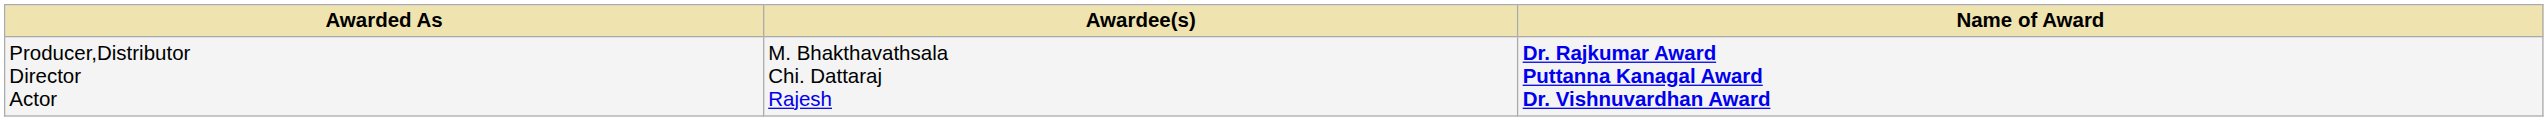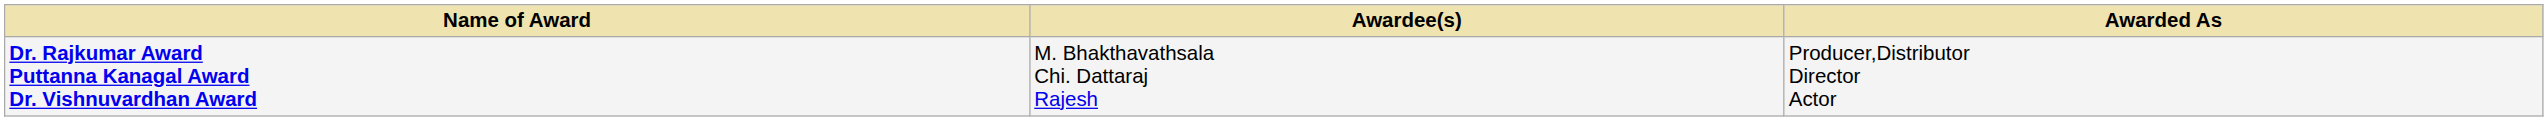 <table class="wikitable" style="width:100%;">
 <tr>
+<th style="background-color:#EFE4B0;">Name of Award</th>
+<th style="background-color:#EFE4B0;">Awardee(s)</th>
 <th style="background-color:#EFE4B0;">Awarded As</th>
-<th style="background-color:#EFE4B0;">Awardee(s)</th>
-<th style="background-color:#EFE4B0;">Name of Award</th>
 </tr>
 <tr style="background-color:#F4F4F4">
+<td><strong><a href='#'>Dr. Rajkumar Award</a></strong><br><strong><a href='#'>Puttanna Kanagal Award</a></strong><br><strong><a href='#'>Dr. Vishnuvardhan Award</a></strong></td>
+<td>M. Bhakthavathsala<br>Chi. Dattaraj<br><a href='#'>Rajesh</a></td>
 <td>Producer,Distributor<br>Director<br>Actor</td>
-<td>M. Bhakthavathsala<br>Chi. Dattaraj<br><a href='#'>Rajesh</a></td>
-<td><strong><a href='#'>Dr. Rajkumar Award</a></strong><br><strong><a href='#'>Puttanna Kanagal Award</a></strong><br><strong><a href='#'>Dr. Vishnuvardhan Award</a></strong></td>
 </tr>
 </table>
